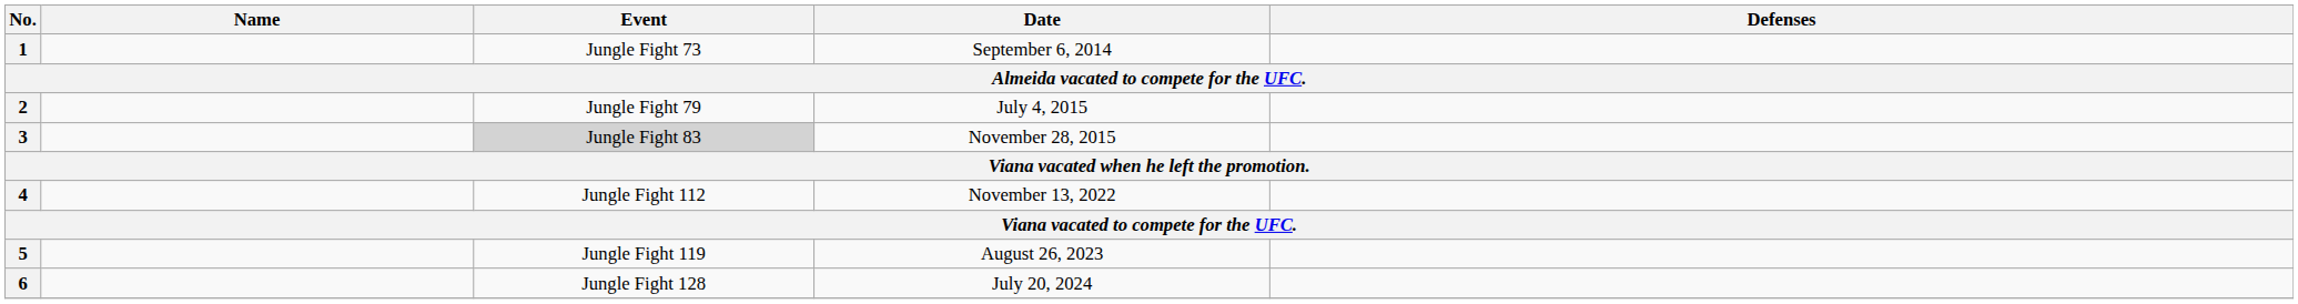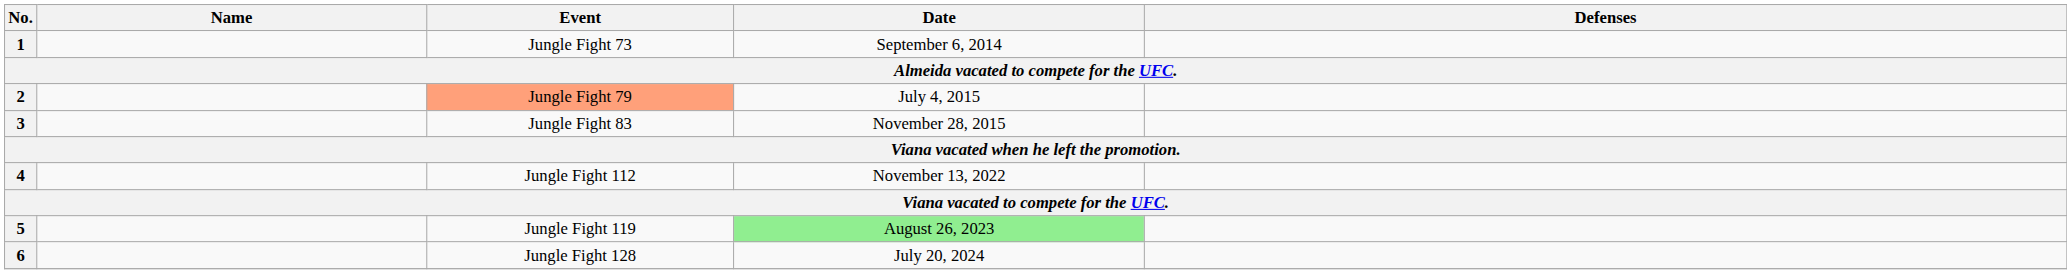 <table class="wikitable" width=100%>
 <tr>
 <th width=1%>No.</th>
 <th width=19%>Name</th>
 <th width=15%>Event</th>
 <th width=20%>Date</th>
 <th width=45%>Defenses</th>
 </tr>
 <tr>
 <th>1</th>
 <td align=left><br></td>
 <td align=center>Jungle Fight 73 <br></td>
 <td align=center>September 6, 2014</td>
 <td></td>
 </tr>
 <tr>
 <th colspan=6 align=center><em>Almeida vacated to compete for the <a href='#'>UFC</a>.</em></th>
 </tr>
 <tr>
 <th>2</th>
 <td align=left><br></td>
-<td align=center>Jungle Fight 79 <br></td>
+<td align=center style="background: lightsalmon;">Jungle Fight 79 <br></td>
 <td align=center>July 4, 2015</td>
 <td></td>
 </tr>
 <tr>
 <th>3</th>
 <td align=left></td>
-<td align=center style="background: lightgrey;">Jungle Fight 83 <br></td>
+<td align=center>Jungle Fight 83 <br></td>
 <td align=center>November 28, 2015</td>
 <td></td>
 </tr>
 <tr>
 <th colspan=6 align=center><em>Viana vacated when he left the promotion.</em></th>
 </tr>
 <tr>
 <th>4</th>
 <td align=left><br></td>
 <td align=center>Jungle Fight 112 <br></td>
 <td align=center>November 13, 2022</td>
 <td></td>
 </tr>
 <tr>
 <th colspan=6 align=center><em>Viana vacated to compete for the <a href='#'>UFC</a>.</em></th>
 </tr>
 <tr>
 <th>5</th>
 <td align=left><br></td>
 <td align=center>Jungle Fight 119 <br></td>
-<td align=center>August 26, 2023</td>
+<td align=center style="background: lightgreen;">August 26, 2023</td>
 <td></td>
 </tr>
 <tr>
 <th>6</th>
 <td align=left></td>
 <td align=center>Jungle Fight 128 <br></td>
 <td align=center>July 20, 2024</td>
 <td></td>
 </tr>
 <tr>
 </tr>
 </table>
